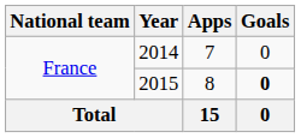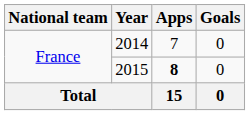 <table class=wikitable style=text-align:center>
 <tr>
 <th>National team</th>
 <th>Year</th>
 <th>Apps</th>
 <th>Goals</th>
 </tr>
 <tr>
 <td rowspan=2><a href='#'>France</a></td>
 <td>2014</td>
 <td>7</td>
 <td>0</td>
 </tr>
 <tr>
 <td>2015</td>
-<td>8</td>
-<td><strong>0</strong></td>
+<td><strong>8</strong></td>
+<td>0</td>
 </tr>
 <tr>
 <th colspan=2>Total</th>
 <th>15</th>
 <th>0</th>
 </tr>
 </table>
